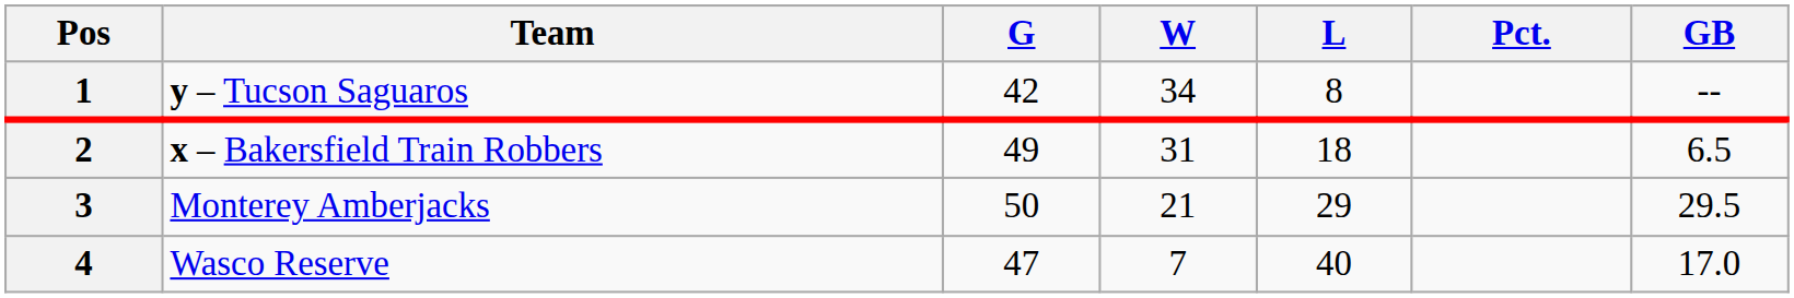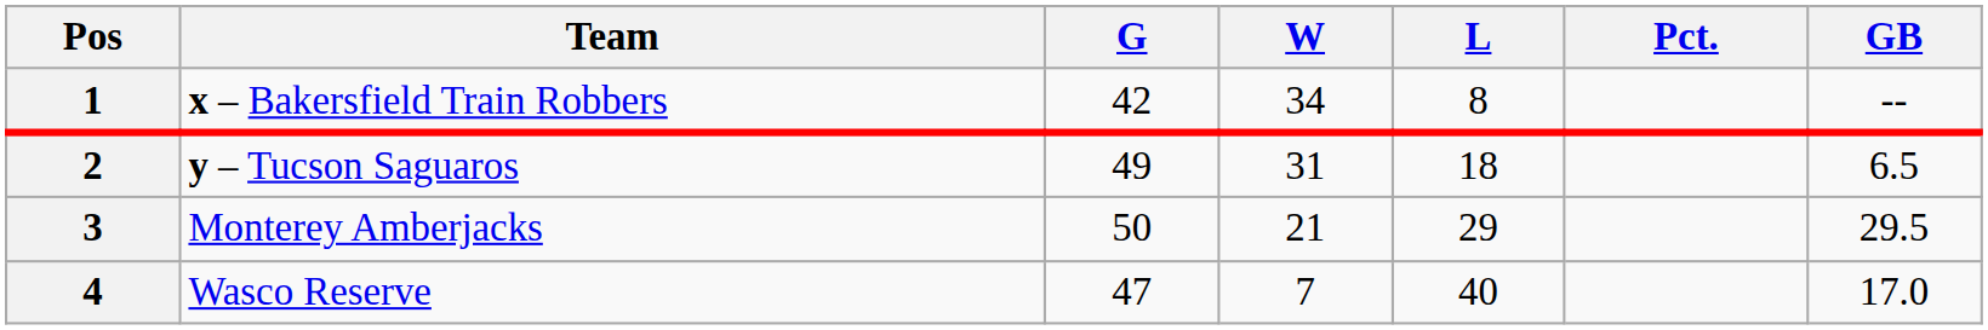 <table class="wikitable plainrowheaders" width="90%" style="text-align:center;">
 <tr>
 <th scope="col" width="5%">Pos</th>
 <th scope="col" width="25%">Team</th>
 <th scope="col" width="5%"><a href='#'>G</a></th>
 <th scope="col" width="5%"><a href='#'>W</a></th>
 <th scope="col" width="5%"><a href='#'>L</a></th>
 <th scope="col" width="7%"><a href='#'>Pct.</a></th>
 <th scope="col" width="5%"><a href='#'>GB</a></th>
 </tr>
 <tr>
 <th>1</th>
-<td style="text-align:left;"><strong>y</strong> – <a href='#'>Tucson Saguaros</a></td>
+<td style="text-align:left;"><strong>x</strong> – <a href='#'>Bakersfield Train Robbers</a></td>
 <td>42</td>
 <td>34</td>
 <td>8</td>
 <td></td>
 <td>--</td>
 </tr>
 <tr>
 </tr>
 <tr |- style="border-top:3px solid red;">
 <th>2</th>
-<td style="text-align:left;"><strong>x</strong> – <a href='#'>Bakersfield Train Robbers</a></td>
+<td style="text-align:left;"><strong>y</strong> – <a href='#'>Tucson Saguaros</a></td>
 <td>49</td>
 <td>31</td>
 <td>18</td>
 <td></td>
 <td>6.5</td>
 </tr>
 <tr>
 <th>3</th>
 <td style="text-align:left;"><a href='#'>Monterey Amberjacks</a></td>
 <td>50</td>
 <td>21</td>
 <td>29</td>
 <td></td>
 <td>29.5</td>
 </tr>
 <tr>
 <th>4</th>
 <td style="text-align:left;"><a href='#'>Wasco Reserve</a></td>
 <td>47</td>
 <td>7</td>
 <td>40</td>
 <td></td>
 <td>17.0</td>
 </tr>
 </table>
